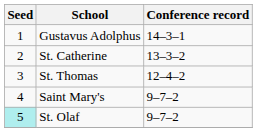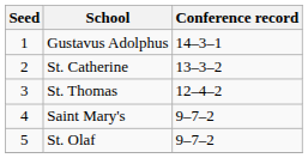 <table class="wikitable">
 <tr>
 <th>Seed</th>
 <th>School</th>
 <th>Conference record</th>
 </tr>
 <tr>
 <td align=center>1</td>
 <td>Gustavus Adolphus</td>
 <td>14–3–1</td>
 </tr>
 <tr>
 <td align=center>2</td>
 <td>St. Catherine</td>
 <td>13–3–2</td>
 </tr>
 <tr>
 <td align=center>3</td>
 <td>St. Thomas</td>
 <td>12–4–2</td>
 </tr>
 <tr>
 <td align=center>4</td>
 <td>Saint Mary's</td>
 <td>9–7–2</td>
 </tr>
 <tr>
-<td align=center style="background: paleturquoise;">5</td>
+<td align=center>5</td>
 <td>St. Olaf</td>
 <td>9–7–2</td>
 </tr>
 <tr>
 </tr>
 </table>
